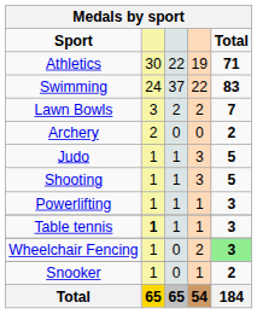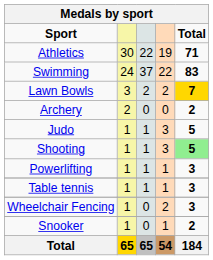 <table class="wikitable" style="font-size:95%">
 <tr style="background:#efefef;">
 <th colspan=5>Medals by sport</th>
 </tr>
 <tr style="text-align:center;">
 <td><strong>Sport</strong></td>
 <td bgcolor=#f7f6a8></td>
 <td bgcolor=#dce5e5></td>
 <td bgcolor=#ffdab9></td>
 <td><strong>Total</strong></td>
 </tr>
 <tr style="text-align:center;">
 <td><a href='#'>Athletics</a></td>
 <td style="background:#F7F6A8;">30</td>
 <td style="background:#DCE5E5;">22</td>
 <td style="background:#FFDAB9;">19</td>
 <td><strong>71</strong></td>
 </tr>
 <tr style="text-align:center;">
 <td><a href='#'>Swimming</a></td>
 <td style="background:#F7F6A8;">24</td>
 <td style="background:#DCE5E5;">37</td>
 <td style="background:#FFDAB9;">22</td>
 <td><strong>83</strong></td>
 </tr>
 <tr style="text-align:center;">
 <td><a href='#'>Lawn Bowls</a></td>
 <td style="background:#F7F6A8;">3</td>
 <td style="background:#DCE5E5;">2</td>
 <td style="background:#FFDAB9;">2</td>
-<td><strong>7</strong></td>
+<td style="background: gold;"><strong>7</strong></td>
 </tr>
 <tr style="text-align:center;">
 <td><a href='#'>Archery</a></td>
 <td style="background:#F7F6A8;">2</td>
 <td style="background:#DCE5E5;">0</td>
 <td style="background:#FFDAB9;">0</td>
 <td><strong>2</strong></td>
 </tr>
 <tr style="text-align:center;">
 <td><a href='#'>Judo</a></td>
 <td style="background:#F7F6A8;">1</td>
 <td style="background:#DCE5E5;">1</td>
 <td style="background:#FFDAB9;">3</td>
 <td><strong>5</strong></td>
 </tr>
 <tr style="text-align:center;">
 <td><a href='#'>Shooting</a></td>
 <td style="background:#F7F6A8;">1</td>
 <td style="background:#DCE5E5;">1</td>
 <td style="background:#FFDAB9;">3</td>
-<td><strong>5</strong></td>
+<td style="background: lightgreen;"><strong>5</strong></td>
 </tr>
 <tr style="text-align:center;">
 <td><a href='#'>Powerlifting</a></td>
 <td style="background:#F7F6A8;">1</td>
 <td style="background:#DCE5E5;">1</td>
 <td style="background:#FFDAB9;">1</td>
 <td><strong>3</strong></td>
 </tr>
 <tr>
 </tr>
 <tr style="text-align:center;">
 <td><a href='#'>Table tennis</a></td>
-<td style="background:#F7F6A8;"><strong>1</strong></td>
+<td style="background:#F7F6A8;">1</td>
 <td style="background:#DCE5E5;">1</td>
 <td style="background:#FFDAB9;">1</td>
 <td><strong>3</strong></td>
 </tr>
 <tr>
 </tr>
 <tr style="text-align:center;">
 <td><a href='#'>Wheelchair Fencing</a></td>
 <td style="background:#F7F6A8;">1</td>
 <td style="background:#DCE5E5;">0</td>
 <td style="background:#FFDAB9;">2</td>
-<td style="background: lightgreen;"><strong>3</strong></td>
+<td><strong>3</strong></td>
 </tr>
 <tr>
 </tr>
 <tr style="text-align:center;">
 <td><a href='#'>Snooker</a></td>
 <td style="background:#F7F6A8;">1</td>
 <td style="background:#DCE5E5;">0</td>
 <td style="background:#FFDAB9;">1</td>
 <td><strong>2</strong></td>
 </tr>
 <tr>
 <th>Total</th>
 <th style="background:gold;">65</th>
 <th style="background:silver;">65</th>
 <th style="background:#c96;">54</th>
 <th>184</th>
 </tr>
 </table>
